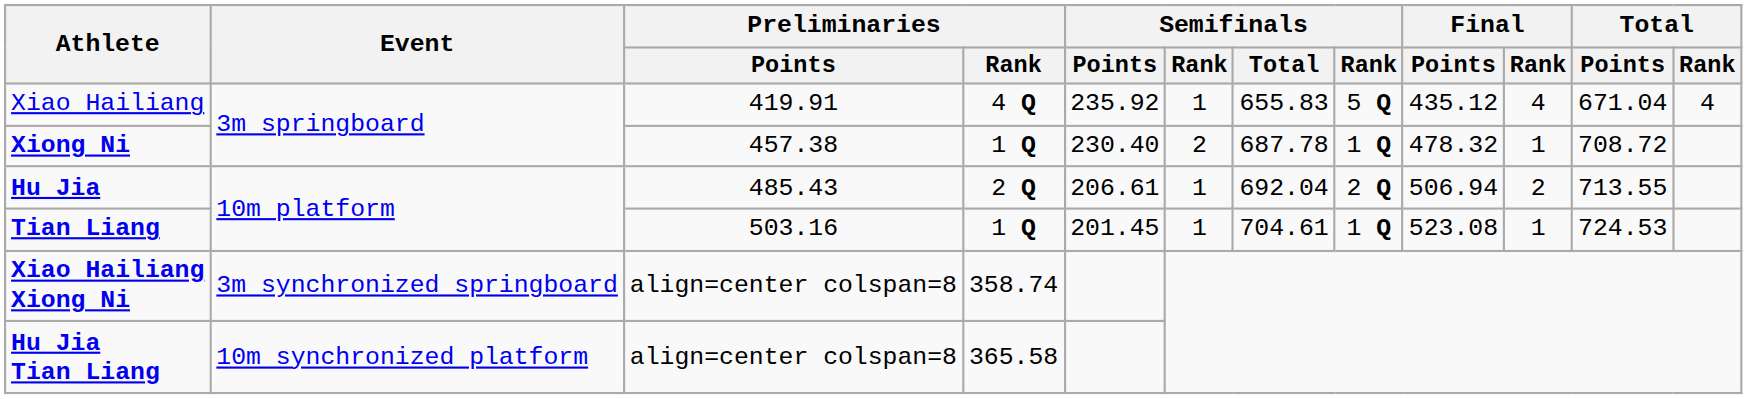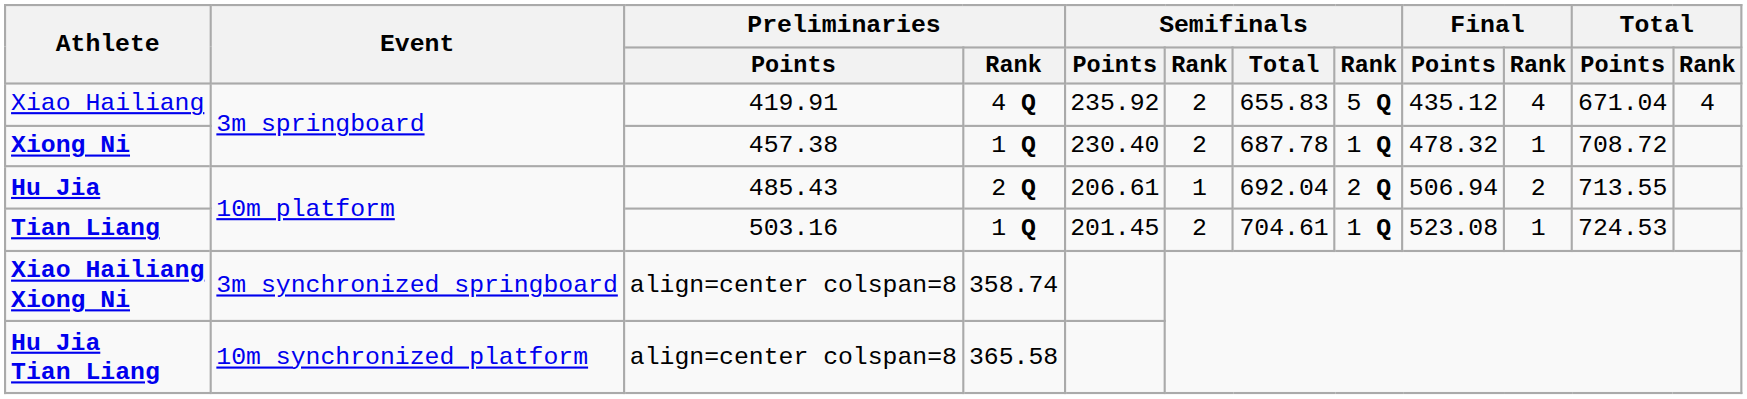 <table class=wikitable style="font-size:90%">
 <tr>
 <th rowspan="2">Athlete</th>
 <th rowspan="2">Event</th>
 <th colspan="2">Preliminaries</th>
 <th colspan="4">Semifinals</th>
 <th colspan="2">Final</th>
 <th colspan="2">Total</th>
 </tr>
 <tr style="font-size:95%">
 <th>Points</th>
 <th>Rank</th>
 <th>Points</th>
 <th>Rank</th>
 <th>Total</th>
 <th>Rank</th>
 <th>Points</th>
 <th>Rank</th>
 <th>Points</th>
 <th>Rank</th>
 </tr>
 <tr>
 <td align=left><a href='#'>Xiao Hailiang</a></td>
 <td align=left rowspan=2><a href='#'>3m springboard</a></td>
 <td align=center>419.91</td>
 <td align=center>4 <strong>Q</strong></td>
 <td align=center>235.92</td>
-<td align=center>1</td>
+<td align=center>2</td>
 <td align=center>655.83</td>
 <td align=center>5 <strong>Q</strong></td>
 <td align=center>435.12</td>
 <td align=center>4</td>
 <td align=center>671.04</td>
 <td align=center>4</td>
 </tr>
 <tr>
 <td align=left><strong><a href='#'>Xiong Ni</a></strong></td>
 <td align=center>457.38</td>
 <td align=center>1 <strong>Q</strong></td>
 <td align=center>230.40</td>
 <td align=center>2</td>
 <td align=center>687.78</td>
 <td align=center>1 <strong>Q</strong></td>
 <td align=center>478.32</td>
 <td align=center>1</td>
 <td align=center>708.72</td>
 <td align=center></td>
 </tr>
 <tr>
 <td align=left><strong><a href='#'>Hu Jia</a></strong></td>
 <td align=left rowspan=2><a href='#'>10m platform</a></td>
 <td align=center>485.43</td>
 <td align=center>2 <strong>Q</strong></td>
 <td align=center>206.61</td>
 <td align=center>1</td>
 <td align=center>692.04</td>
 <td align=center>2 <strong>Q</strong></td>
 <td align=center>506.94</td>
 <td align=center>2</td>
 <td align=center>713.55</td>
 <td align=center></td>
 </tr>
 <tr>
 <td align=left><strong><a href='#'>Tian Liang</a></strong></td>
 <td align=center>503.16</td>
 <td align=center>1 <strong>Q</strong></td>
 <td align=center>201.45</td>
-<td align=center>1</td>
+<td align=center>2</td>
 <td align=center>704.61</td>
 <td align=center>1 <strong>Q</strong></td>
 <td align=center>523.08</td>
 <td align=center>1</td>
 <td align=center>724.53</td>
 <td align=center></td>
 </tr>
 <tr>
 <td align=left><strong><a href='#'>Xiao Hailiang</a></strong><br> <strong><a href='#'>Xiong Ni</a></strong></td>
 <td align=left><a href='#'>3m synchronized springboard</a></td>
 <td>align=center colspan=8 </td>
 <td align=center>358.74</td>
 <td align=center></td>
 </tr>
 <tr>
 <td align=left><strong><a href='#'>Hu Jia</a></strong><br> <strong><a href='#'>Tian Liang</a></strong></td>
 <td align=left><a href='#'>10m synchronized platform</a></td>
 <td>align=center colspan=8 </td>
 <td align=center>365.58</td>
 <td align=center></td>
 </tr>
 </table>
